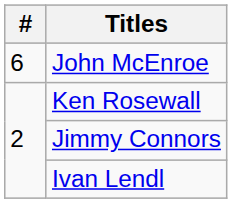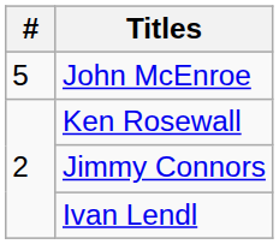 <table class="wikitable" style="display:inline-table;">
 <tr>
 <th width=20>#</th>
 <th>Titles</th>
 </tr>
 <tr>
-<td>6</td>
+<td>5</td>
 <td> <a href='#'>John McEnroe</a></td>
 </tr>
 <tr>
 <td rowspan="3">2</td>
 <td> <a href='#'>Ken Rosewall</a></td>
 </tr>
 <tr>
 <td> <a href='#'>Jimmy Connors</a></td>
 </tr>
 <tr>
 <td> <a href='#'>Ivan Lendl</a></td>
 </tr>
 </table>
